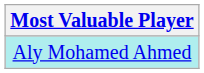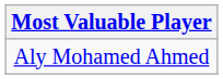 <table class=wikitable style="text-align:center; margin:auto">
 <tr>
 <th><a href='#'>Most Valuable Player</a></th>
 </tr>
 <tr>
-<td style="background: paleturquoise;"> <a href='#'>Aly Mohamed Ahmed</a></td>
+<td> <a href='#'>Aly Mohamed Ahmed</a></td>
 </tr>
 </table>
